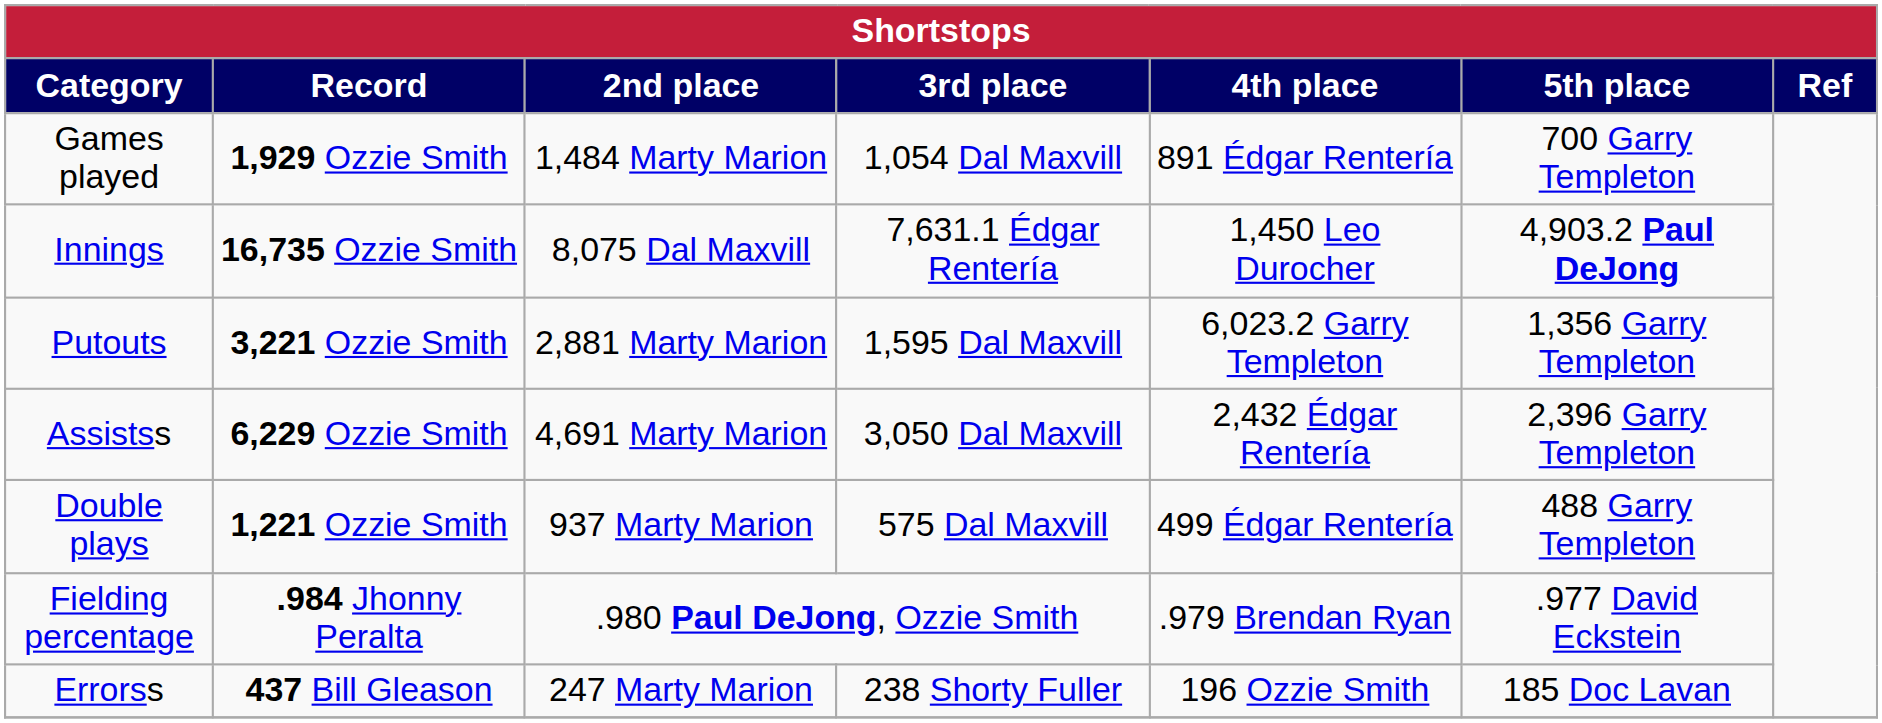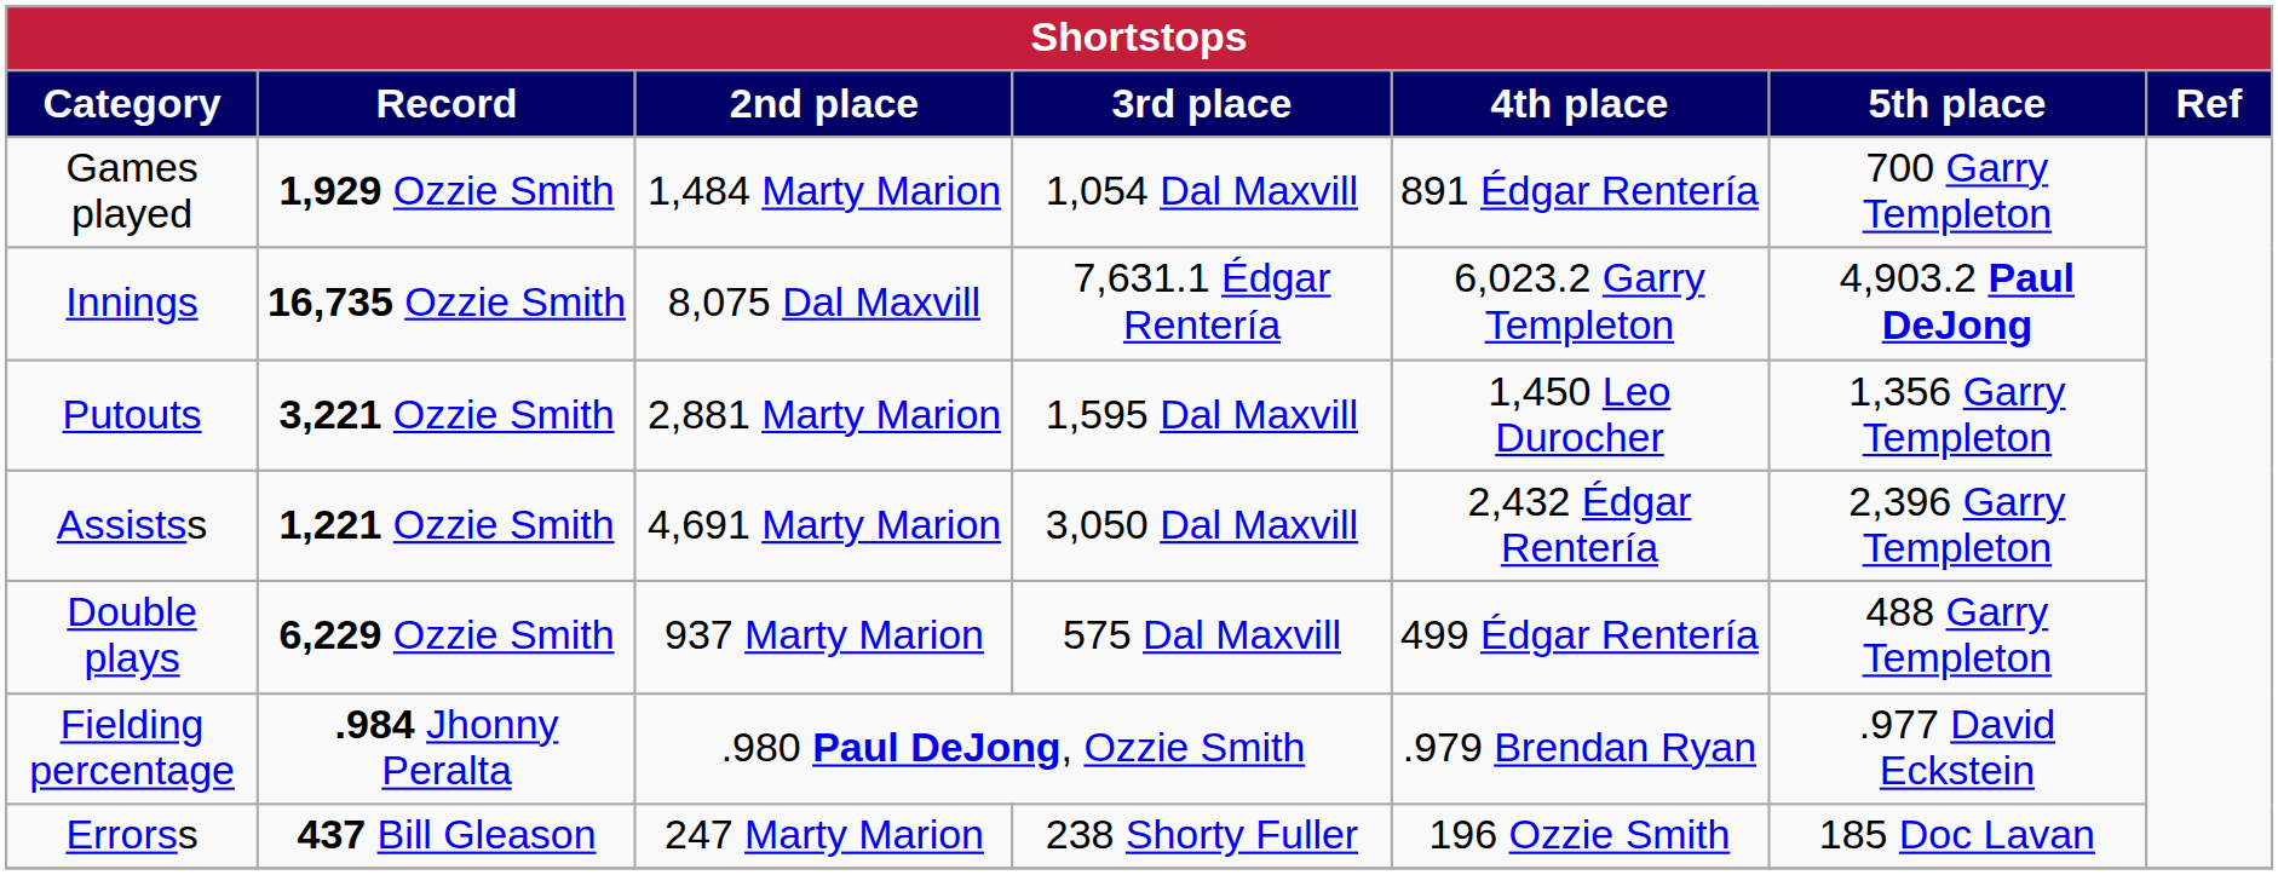 <table class="wikitable" style="text-align:center; width:100%">
 <tr>
 <th colspan=7 style="background:#C41E3A;color:#FFFFFF;">Shortstops</th>
 </tr>
 <tr>
 <th scope="col" width=10% style="background:#000066;color:#FFFFFF;">Category</th>
 <th scope="col" width=15% style="background:#000066;color:#FFFFFF;">Record</th>
 <th scope="col" width=15% style="background:#000066;color:#FFFFFF;">2nd place</th>
 <th scope="col" width=15% style="background:#000066;color:#FFFFFF;">3rd place</th>
 <th scope="col" width=15% style="background:#000066;color:#FFFFFF;">4th place</th>
 <th scope="col" width=15% style="background:#000066;color:#FFFFFF;">5th place</th>
 <th scope="col" width=5% style="background:#000066;color:#FFFFFF;">Ref</th>
 </tr>
 <tr>
 <td>Games played</td>
 <td><strong>1,929</strong> <a href='#'>Ozzie Smith</a></td>
 <td>1,484 <a href='#'>Marty Marion</a></td>
 <td>1,054 <a href='#'>Dal Maxvill</a></td>
 <td>891 <a href='#'>Édgar Rentería</a></td>
 <td>700 <a href='#'>Garry Templeton</a></td>
 <td rowspan="7" style="text-align: center;"></td>
 </tr>
 <tr>
 <td><a href='#'>Innings</a></td>
 <td><strong>16,735</strong> <a href='#'>Ozzie Smith</a></td>
 <td>8,075 <a href='#'>Dal Maxvill</a></td>
 <td>7,631.1 <a href='#'>Édgar Rentería</a></td>
-<td>1,450 <a href='#'>Leo Durocher</a></td>
+<td>6,023.2 <a href='#'>Garry Templeton</a></td>
 <td>4,903.2 <strong><a href='#'>Paul DeJong</a></strong></td>
 </tr>
 <tr>
 <td><a href='#'>Putouts</a></td>
 <td><strong>3,221</strong> <a href='#'>Ozzie Smith</a></td>
 <td>2,881 <a href='#'>Marty Marion</a></td>
 <td>1,595 <a href='#'>Dal Maxvill</a></td>
-<td>6,023.2 <a href='#'>Garry Templeton</a></td>
+<td>1,450 <a href='#'>Leo Durocher</a></td>
 <td>1,356 <a href='#'>Garry Templeton</a></td>
 </tr>
 <tr>
 <td><a href='#'>Assists</a>s</td>
-<td><strong>6,229</strong> <a href='#'>Ozzie Smith</a></td>
+<td><strong>1,221</strong> <a href='#'>Ozzie Smith</a></td>
 <td>4,691 <a href='#'>Marty Marion</a></td>
 <td>3,050 <a href='#'>Dal Maxvill</a></td>
 <td>2,432 <a href='#'>Édgar Rentería</a></td>
 <td>2,396 <a href='#'>Garry Templeton</a></td>
 </tr>
 <tr>
 <td><a href='#'>Double plays</a></td>
-<td><strong>1,221</strong> <a href='#'>Ozzie Smith</a></td>
+<td><strong>6,229</strong> <a href='#'>Ozzie Smith</a></td>
 <td>937 <a href='#'>Marty Marion</a></td>
 <td>575 <a href='#'>Dal Maxvill</a></td>
 <td>499 <a href='#'>Édgar Rentería</a></td>
 <td>488 <a href='#'>Garry Templeton</a></td>
 </tr>
 <tr>
 <td><a href='#'>Fielding percentage</a></td>
 <td><strong>.984</strong> <a href='#'>Jhonny Peralta</a></td>
 <td colspan="2" style="text-align: center;">.980 <strong><a href='#'>Paul DeJong</a></strong>, <a href='#'>Ozzie Smith</a></td>
 <td>.979 <a href='#'>Brendan Ryan</a></td>
 <td>.977 <a href='#'>David Eckstein</a></td>
 </tr>
 <tr>
 <td><a href='#'>Errors</a>s</td>
 <td><strong>437</strong> <a href='#'>Bill Gleason</a></td>
 <td>247 <a href='#'>Marty Marion</a></td>
 <td>238 <a href='#'>Shorty Fuller</a></td>
 <td>196 <a href='#'>Ozzie Smith</a></td>
 <td>185 <a href='#'>Doc Lavan</a></td>
 </tr>
 <tr>
 </tr>
 </table>
